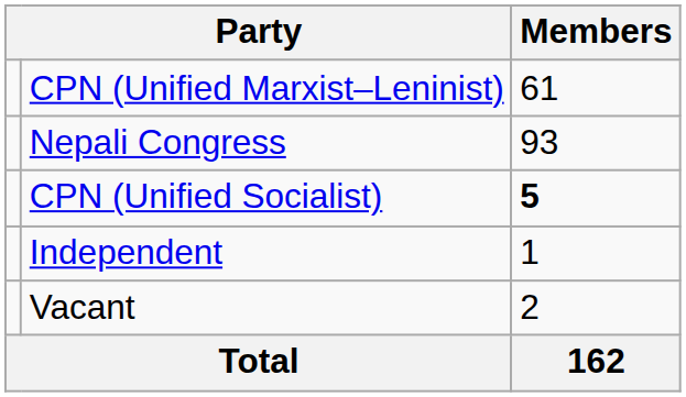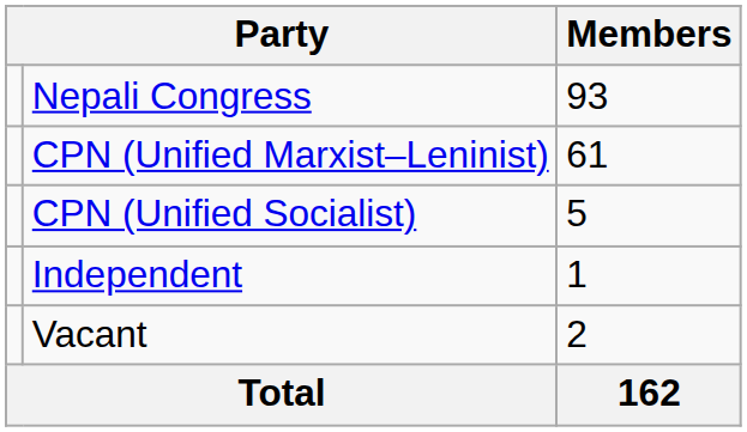 <table class="wikitable">
 <tr>
 <th colspan="2">Party</th>
 <th>Members</th>
+</tr>
+<tr>
+<td><br></td>
+<td><a href='#'>Nepali Congress</a></td>
+<td>93</td>
 </tr>
 <tr>
 <td><br></td>
 <td><a href='#'>CPN (Unified Marxist–Leninist)</a></td>
 <td>61</td>
 </tr>
 <tr>
 <td><br></td>
-<td><a href='#'>Nepali Congress</a></td>
-<td>93</td>
-</tr>
-<tr>
-<td><br></td>
 <td><a href='#'>CPN (Unified Socialist)</a></td>
-<td><strong>5</strong></td>
+<td>5</td>
 </tr>
 <tr>
 <td><br></td>
 <td><a href='#'>Independent</a></td>
 <td>1</td>
 </tr>
 <tr>
 <td></td>
 <td>Vacant</td>
 <td>2</td>
 </tr>
 <tr>
 <th colspan="2">Total</th>
 <th>162</th>
 </tr>
 </table>
